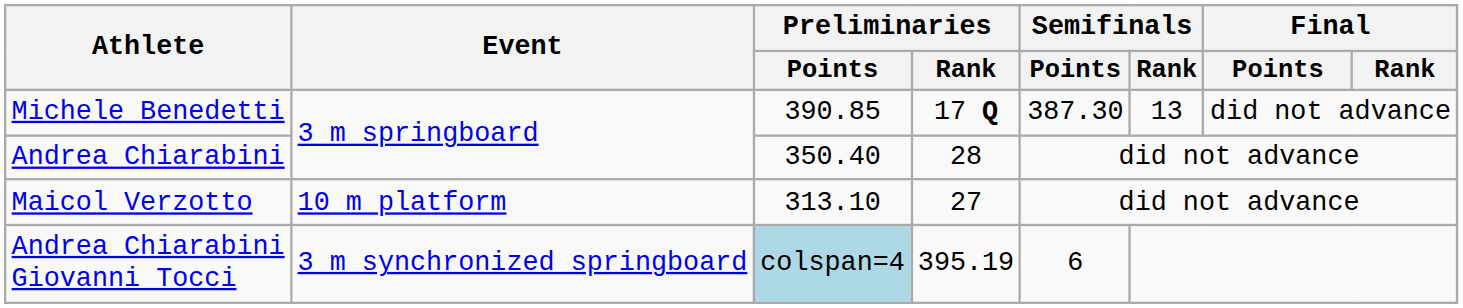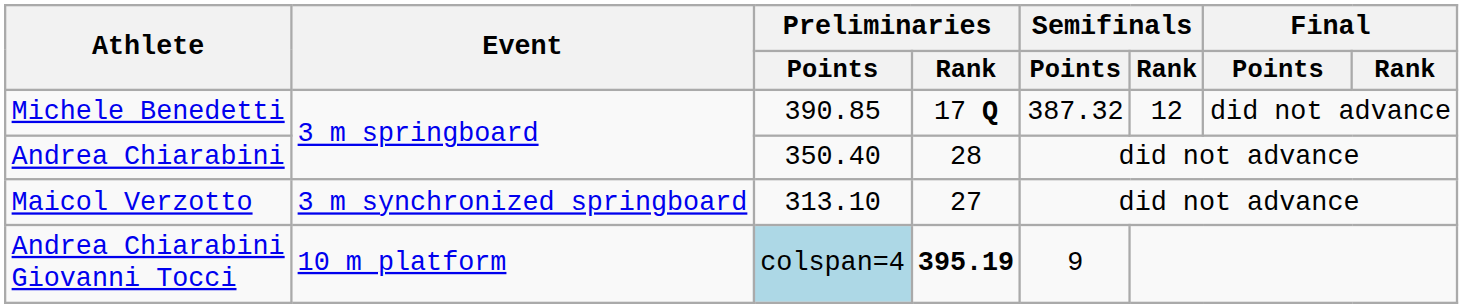 <table class=wikitable style="font-size:90%">
 <tr>
 <th rowspan="2">Athlete</th>
 <th rowspan="2">Event</th>
 <th colspan="2">Preliminaries</th>
 <th colspan="2">Semifinals</th>
 <th colspan="2">Final</th>
 </tr>
 <tr style="font-size:95%">
 <th>Points</th>
 <th>Rank</th>
 <th>Points</th>
 <th>Rank</th>
 <th>Points</th>
 <th>Rank</th>
 </tr>
 <tr align=center>
 <td align=left><a href='#'>Michele Benedetti</a></td>
 <td align=left rowspan=2><a href='#'>3 m springboard</a></td>
 <td>390.85</td>
 <td>17 <strong>Q</strong></td>
-<td>387.30</td>
-<td>13</td>
+<td>387.32</td>
+<td>12</td>
 <td colspan="2">did not advance</td>
 </tr>
 <tr align=center>
 <td align=left><a href='#'>Andrea Chiarabini</a></td>
 <td>350.40</td>
 <td>28</td>
 <td colspan="4">did not advance</td>
 </tr>
 <tr align=center>
 <td align=left><a href='#'>Maicol Verzotto</a></td>
-<td align=left><a href='#'>10 m platform</a></td>
+<td align=left><a href='#'>3 m synchronized springboard</a></td>
 <td>313.10</td>
 <td>27</td>
 <td colspan="4">did not advance</td>
 </tr>
 <tr align=center>
 <td align=left><a href='#'>Andrea Chiarabini</a><br><a href='#'>Giovanni Tocci</a></td>
-<td align=left><a href='#'>3 m synchronized springboard</a></td>
+<td align=left><a href='#'>10 m platform</a></td>
 <td style="background: lightblue;">colspan=4 </td>
-<td>395.19</td>
-<td>6</td>
+<td><strong>395.19</strong></td>
+<td>9</td>
 </tr>
 </table>
